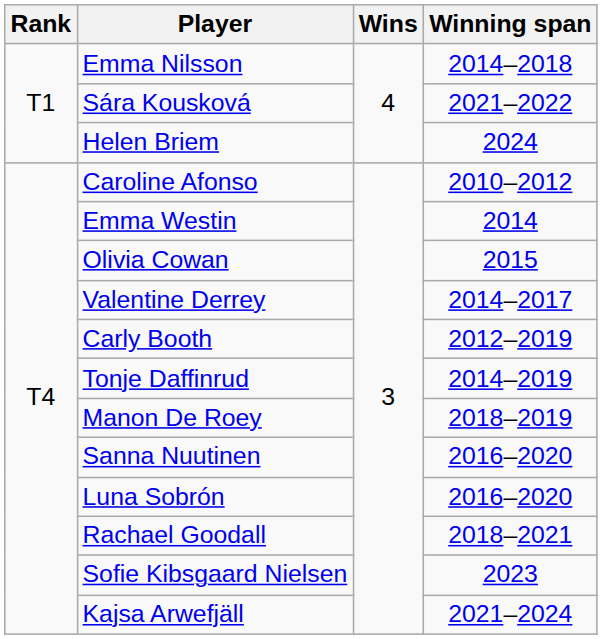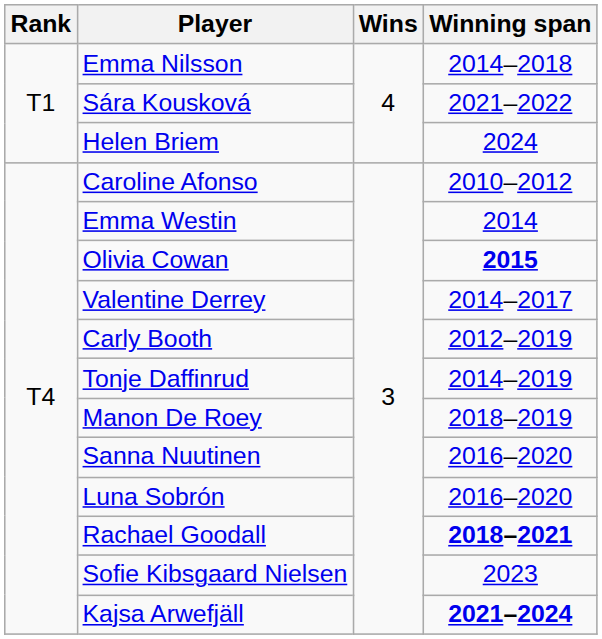 <table class="sortable wikitable">
 <tr>
 <th>Rank</th>
 <th>Player</th>
 <th>Wins</th>
 <th>Winning span</th>
 </tr>
 <tr>
 <td rowspan=3 align=center>T1</td>
 <td> <a href='#'>Emma Nilsson</a></td>
 <td align=center rowspan=3>4</td>
 <td align=center><a href='#'>2014</a>–<a href='#'>2018</a></td>
 </tr>
 <tr>
 <td> <a href='#'>Sára Kousková</a></td>
 <td align=center><a href='#'>2021</a>–<a href='#'>2022</a></td>
 </tr>
 <tr>
 <td> <a href='#'>Helen Briem</a></td>
 <td align=center><a href='#'>2024</a></td>
 </tr>
 <tr>
 <td rowspan=12 align=center>T4</td>
 <td> <a href='#'>Caroline Afonso</a></td>
 <td align=center rowspan=12>3</td>
 <td align=center><a href='#'>2010</a>–<a href='#'>2012</a></td>
 </tr>
 <tr>
 <td> <a href='#'>Emma Westin</a></td>
 <td align=center><a href='#'>2014</a></td>
 </tr>
 <tr>
 <td> <a href='#'>Olivia Cowan</a></td>
-<td align=center><a href='#'>2015</a></td>
+<td align=center><strong><a href='#'>2015</a></strong></td>
 </tr>
 <tr>
 <td> <a href='#'>Valentine Derrey</a></td>
 <td align=center><a href='#'>2014</a>–<a href='#'>2017</a></td>
 </tr>
 <tr>
 <td> <a href='#'>Carly Booth</a></td>
 <td align=center><a href='#'>2012</a>–<a href='#'>2019</a></td>
 </tr>
 <tr>
 <td> <a href='#'>Tonje Daffinrud</a></td>
 <td align=center><a href='#'>2014</a>–<a href='#'>2019</a></td>
 </tr>
 <tr>
 <td> <a href='#'>Manon De Roey</a></td>
 <td align=center><a href='#'>2018</a>–<a href='#'>2019</a></td>
 </tr>
 <tr>
 <td> <a href='#'>Sanna Nuutinen</a></td>
 <td align=center><a href='#'>2016</a>–<a href='#'>2020</a></td>
 </tr>
 <tr>
 <td> <a href='#'>Luna Sobrón</a></td>
 <td align=center><a href='#'>2016</a>–<a href='#'>2020</a></td>
 </tr>
 <tr>
 <td> <a href='#'>Rachael Goodall</a></td>
-<td align=center><a href='#'>2018</a>–<a href='#'>2021</a></td>
+<td align=center><strong><a href='#'>2018</a>–<a href='#'>2021</a></strong></td>
 </tr>
 <tr>
 <td> <a href='#'>Sofie Kibsgaard Nielsen</a></td>
 <td align=center><a href='#'>2023</a></td>
 </tr>
 <tr>
 <td> <a href='#'>Kajsa Arwefjäll</a></td>
-<td align=center><a href='#'>2021</a>–<a href='#'>2024</a></td>
+<td align=center><strong><a href='#'>2021</a>–<a href='#'>2024</a></strong></td>
 </tr>
 </table>
